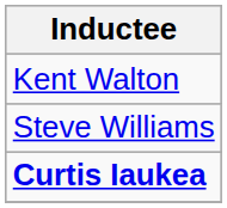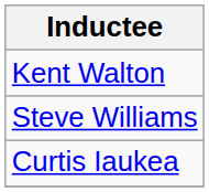 <table class="wikitable">
 <tr>
 <th>Inductee</th>
 </tr>
 <tr>
 <td><a href='#'>Kent Walton</a></td>
 </tr>
 <tr>
 <td><a href='#'>Steve Williams</a></td>
 </tr>
 <tr>
-<td><strong><a href='#'>Curtis Iaukea</a></strong></td>
+<td><a href='#'>Curtis Iaukea</a></td>
 </tr>
 <tr>
 </tr>
 </table>
